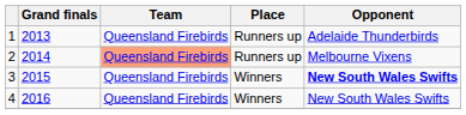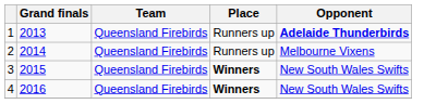 <table class="wikitable collapsible">
 <tr>
 <th></th>
 <th>Grand finals</th>
 <th>Team</th>
 <th>Place</th>
 <th>Opponent</th>
 </tr>
 <tr>
 <td>1</td>
 <td><a href='#'>2013</a></td>
 <td><a href='#'>Queensland Firebirds</a></td>
 <td>Runners up</td>
-<td><a href='#'>Adelaide Thunderbirds</a></td>
+<td><strong><a href='#'>Adelaide Thunderbirds</a></strong></td>
 </tr>
 <tr>
 <td>2</td>
 <td><a href='#'>2014</a></td>
-<td style="background: lightsalmon;"><a href='#'>Queensland Firebirds</a></td>
+<td><a href='#'>Queensland Firebirds</a></td>
 <td>Runners up</td>
 <td><a href='#'>Melbourne Vixens</a></td>
 </tr>
 <tr>
 <td>3</td>
 <td><a href='#'>2015</a></td>
 <td><a href='#'>Queensland Firebirds</a></td>
-<td>Winners</td>
-<td><strong><a href='#'>New South Wales Swifts</a></strong></td>
+<td><strong>Winners</strong></td>
+<td><a href='#'>New South Wales Swifts</a></td>
 </tr>
 <tr>
 <td>4</td>
 <td><a href='#'>2016</a></td>
 <td><a href='#'>Queensland Firebirds</a></td>
-<td>Winners</td>
+<td><strong>Winners</strong></td>
 <td><a href='#'>New South Wales Swifts</a></td>
 </tr>
 <tr>
 </tr>
 </table>
